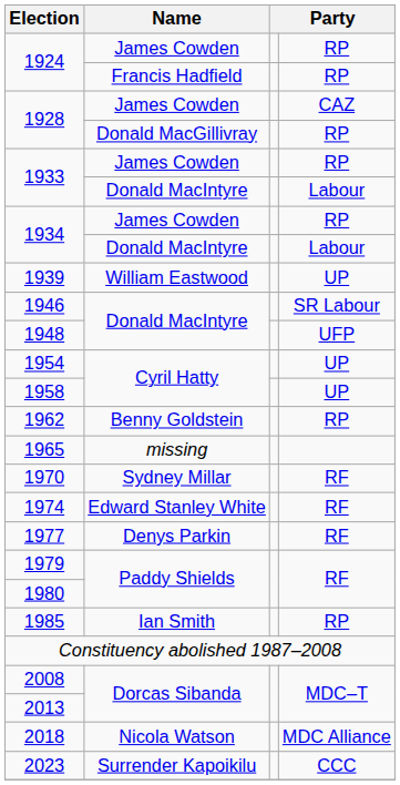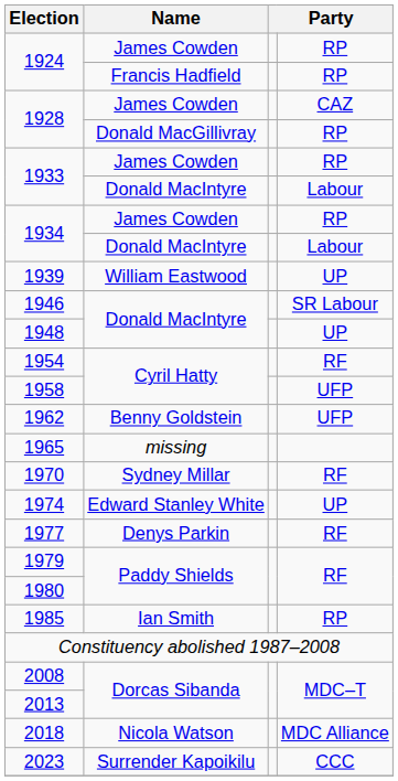 <table class="wikitable" style="text-align:center">
 <tr>
 <th>Election</th>
 <th>Name</th>
 <th colspan="2">Party</th>
 </tr>
 <tr>
 <td rowspan="2"><a href='#'>1924</a></td>
 <td><a href='#'>James Cowden</a></td>
 <td style="background-color: "></td>
 <td><a href='#'>RP</a></td>
 </tr>
 <tr>
 <td><a href='#'>Francis Hadfield</a></td>
 <td style="background-color: "></td>
 <td><a href='#'>RP</a></td>
 </tr>
 <tr>
 <td rowspan="2"><a href='#'>1928</a></td>
 <td><a href='#'>James Cowden</a></td>
 <td style="background-color: "></td>
 <td><a href='#'>CAZ</a></td>
 </tr>
 <tr>
 <td><a href='#'>Donald MacGillivray</a></td>
 <td style="background-color: "></td>
 <td><a href='#'>RP</a></td>
 </tr>
 <tr>
 <td rowspan="2"><a href='#'>1933</a></td>
 <td><a href='#'>James Cowden</a></td>
 <td style="background-color: "></td>
 <td><a href='#'>RP</a></td>
 </tr>
 <tr>
 <td><a href='#'>Donald MacIntyre</a></td>
 <td style="background-color: "></td>
 <td><a href='#'>Labour</a></td>
 </tr>
 <tr>
 <td rowspan="2"><a href='#'>1934</a></td>
 <td><a href='#'>James Cowden</a></td>
 <td style="background-color: "></td>
 <td><a href='#'>RP</a></td>
 </tr>
 <tr>
 <td><a href='#'>Donald MacIntyre</a></td>
 <td style="background-color: "></td>
 <td><a href='#'>Labour</a></td>
 </tr>
 <tr>
 <td><a href='#'>1939</a></td>
 <td><a href='#'>William Eastwood</a></td>
 <td style="background-color: "></td>
 <td><a href='#'>UP</a></td>
 </tr>
 <tr>
 <td><a href='#'>1946</a></td>
 <td rowspan="2"><a href='#'>Donald MacIntyre</a></td>
 <td style="background-color: "></td>
 <td><a href='#'>SR Labour</a></td>
 </tr>
 <tr>
 <td><a href='#'>1948</a></td>
 <td style="background-color: "></td>
-<td><a href='#'>UFP</a></td>
+<td><a href='#'>UP</a></td>
 </tr>
 <tr>
 <td><a href='#'>1954</a></td>
 <td rowspan="2"><a href='#'>Cyril Hatty</a></td>
 <td style="background-color: "></td>
-<td><a href='#'>UP</a></td>
+<td><a href='#'>RF</a></td>
 </tr>
 <tr>
 <td><a href='#'>1958</a></td>
 <td style="background-color: "></td>
-<td><a href='#'>UP</a></td>
+<td><a href='#'>UFP</a></td>
 </tr>
 <tr>
 <td><a href='#'>1962</a></td>
 <td><a href='#'>Benny Goldstein</a></td>
 <td style="background-color: "></td>
-<td><a href='#'>RP</a></td>
+<td><a href='#'>UFP</a></td>
 </tr>
 <tr>
 <td><a href='#'>1965</a></td>
 <td><em>missing</em></td>
 <td></td>
 <td></td>
 </tr>
 <tr>
 <td><a href='#'>1970</a></td>
 <td><a href='#'>Sydney Millar</a></td>
 <td style="background-color: "></td>
 <td><a href='#'>RF</a></td>
 </tr>
 <tr>
 <td><a href='#'>1974</a></td>
 <td><a href='#'>Edward Stanley White</a></td>
 <td style="background-color: "></td>
-<td><a href='#'>RF</a></td>
+<td><a href='#'>UP</a></td>
 </tr>
 <tr>
 <td><a href='#'>1977</a></td>
 <td><a href='#'>Denys Parkin</a></td>
 <td style="background-color: "></td>
 <td><a href='#'>RF</a></td>
 </tr>
 <tr>
 <td><a href='#'>1979</a></td>
 <td rowspan="2"><a href='#'>Paddy Shields</a></td>
 <td rowspan="2" style="background-color: "></td>
 <td rowspan="2"><a href='#'>RF</a></td>
 </tr>
 <tr>
 <td><a href='#'>1980</a></td>
 </tr>
 <tr>
 <td><a href='#'>1985</a></td>
 <td><a href='#'>Ian Smith</a></td>
 <td style="background-color: "></td>
 <td><a href='#'>RP</a></td>
 </tr>
 <tr>
 <td colspan="4"><em>Constituency abolished 1987–2008</em></td>
 </tr>
 <tr>
 <td><a href='#'>2008</a></td>
 <td rowspan="2"><a href='#'>Dorcas Sibanda</a></td>
 <td rowspan="2" style="background-color: "></td>
 <td rowspan="2"><a href='#'>MDC–T</a></td>
 </tr>
 <tr>
 <td><a href='#'>2013</a></td>
 </tr>
 <tr>
 <td><a href='#'>2018</a></td>
 <td><a href='#'>Nicola Watson</a></td>
 <td style="background-color: "></td>
 <td><a href='#'>MDC Alliance</a></td>
 </tr>
 <tr>
 <td><a href='#'>2023</a></td>
 <td><a href='#'>Surrender Kapoikilu</a></td>
 <td style="background-color: "></td>
 <td><a href='#'>CCC</a></td>
 </tr>
 <tr>
 </tr>
 </table>
